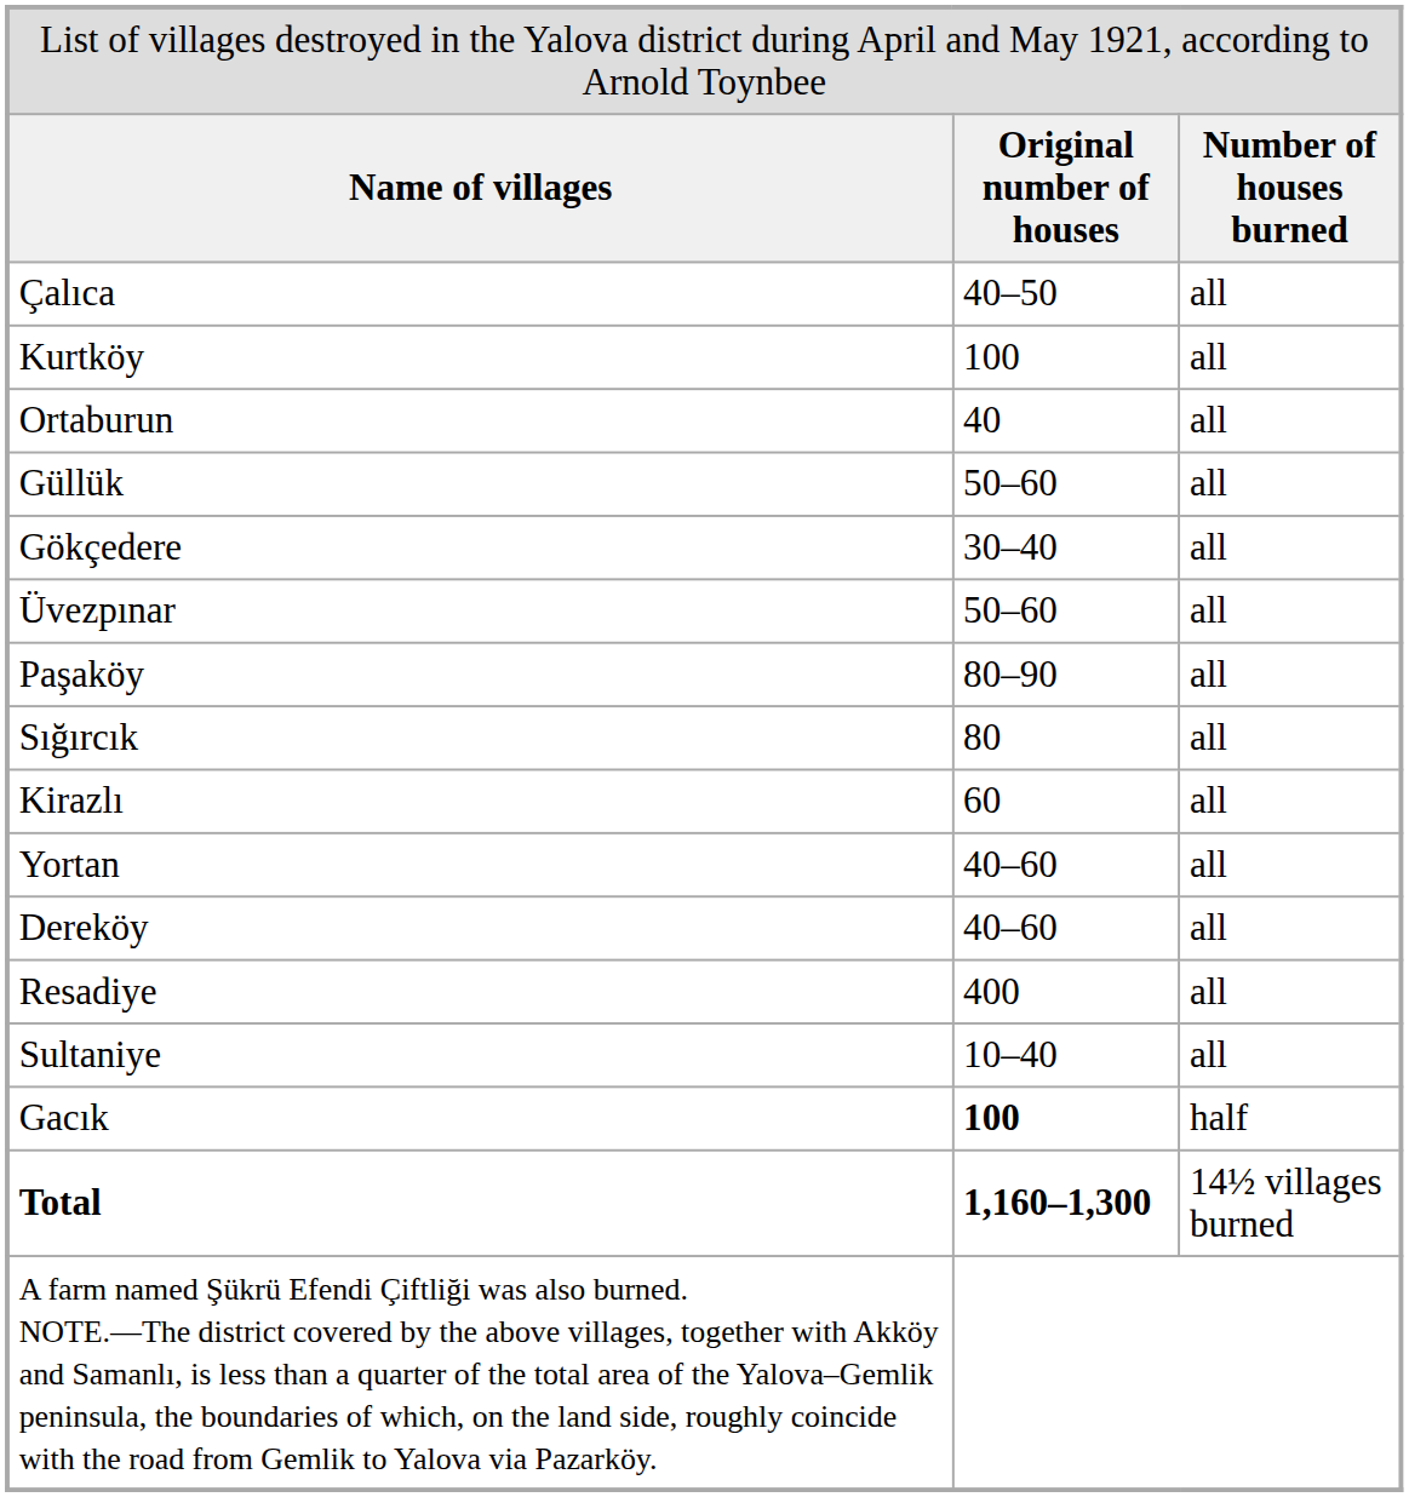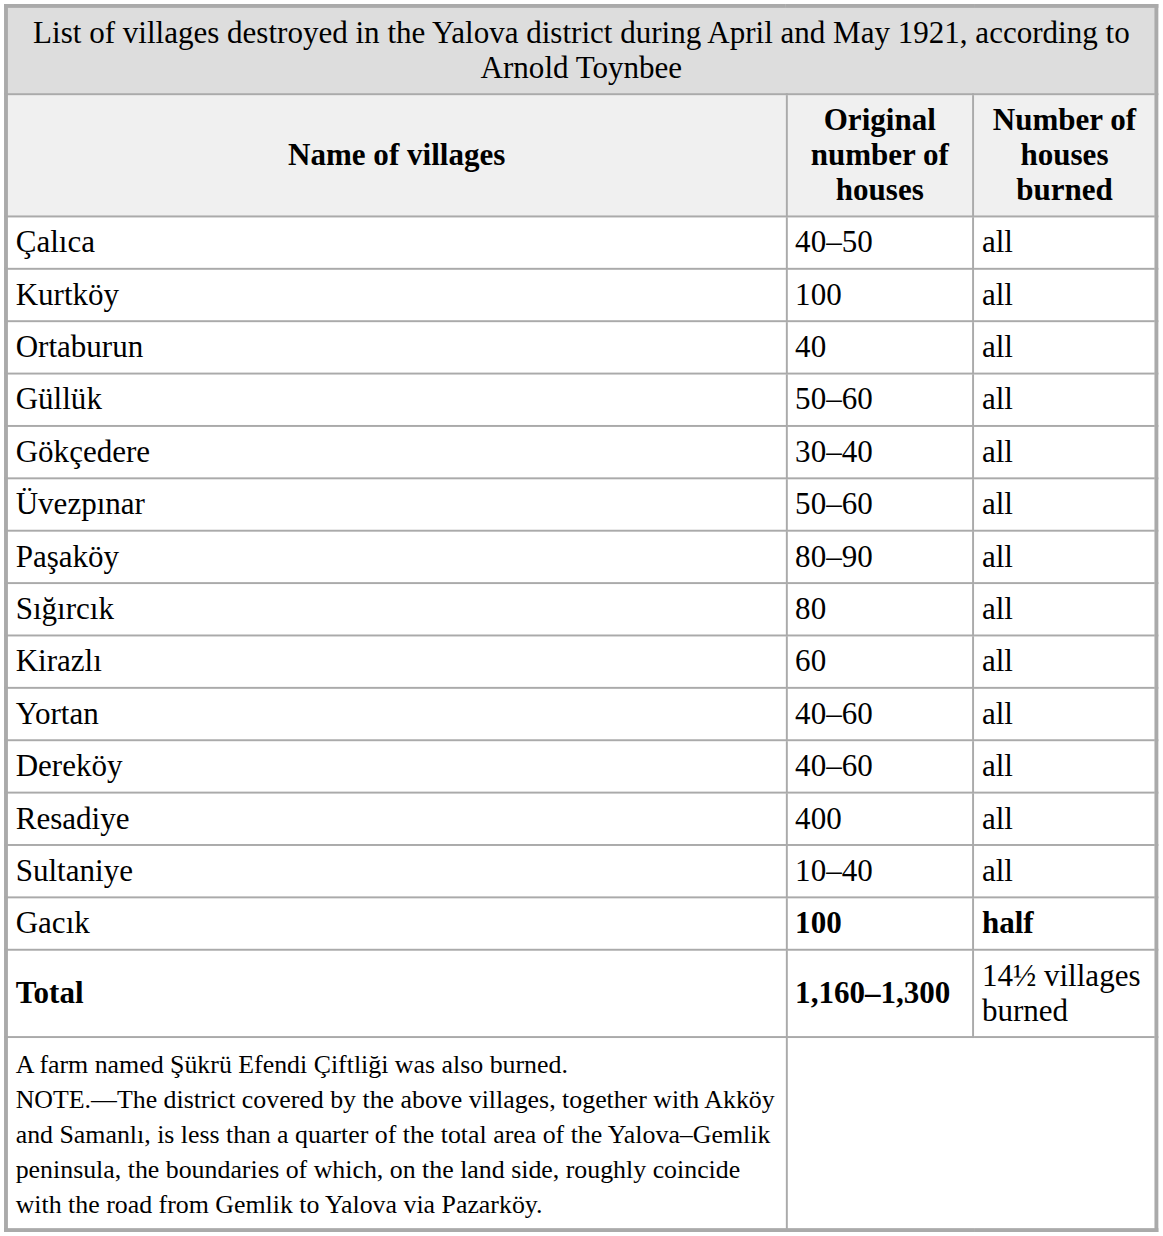 <table cellpadding="4" cellspacing="0" rules="all" style="margin:auto; width:30%; margin:1em; background:#fff; border:2px solid #aaa; font-size:100%;">
 <tr style="background:#ddd;">
 <td colspan="8" style="text-align:center;">List of villages destroyed in the Yalova district during April and May 1921, according to Arnold Toynbee</td>
 </tr>
 <tr style="background:#f0f0f0; text-align:center;">
 <th>Name of villages</th>
 <th style="text-align:center;">Original number of houses</th>
 <th>Number of houses burned</th>
 </tr>
 <tr>
 <td>Çalıca</td>
 <td>40–50</td>
 <td>all</td>
 </tr>
 <tr>
 <td>Kurtköy</td>
 <td>100</td>
 <td>all</td>
 </tr>
 <tr>
 <td>Ortaburun</td>
 <td>40</td>
 <td>all</td>
 </tr>
 <tr>
 <td>Güllük</td>
 <td>50–60</td>
 <td>all</td>
 </tr>
 <tr>
 <td>Gökçedere</td>
 <td>30–40</td>
 <td>all</td>
 </tr>
 <tr>
 <td>Üvezpınar</td>
 <td>50–60</td>
 <td>all</td>
 </tr>
 <tr>
 <td>Paşaköy</td>
 <td>80–90</td>
 <td>all</td>
 </tr>
 <tr>
 <td>Sığırcık</td>
 <td>80</td>
 <td>all</td>
 </tr>
 <tr>
 <td>Kirazlı</td>
 <td>60</td>
 <td>all</td>
 </tr>
 <tr>
 <td>Yortan</td>
 <td>40–60</td>
 <td>all</td>
 </tr>
 <tr>
 <td>Dereköy</td>
 <td>40–60</td>
 <td>all</td>
 </tr>
 <tr>
 <td>Resadiye</td>
 <td>400</td>
 <td>all</td>
 </tr>
 <tr>
 <td>Sultaniye</td>
 <td>10–40</td>
 <td>all</td>
 </tr>
 <tr>
 <td>Gacık</td>
 <td><strong>100</strong></td>
-<td>half</td>
+<td><strong>half</strong></td>
 </tr>
 <tr>
 <td><strong>Total</strong></td>
 <td><strong>1,160–1,300</strong></td>
 <td>14½ villages burned</td>
 </tr>
 <tr>
 <td><small>A farm named Şükrü Efendi Çiftliği was also burned.</small><br><small>NOTE.—The district covered by the above villages, together with Akköy and Samanlı, is less than a quarter of the total area of the Yalova–Gemlik peninsula, the boundaries of which, on the land side, roughly coincide with the road from Gemlik to Yalova via Pazarköy.</small></td>
 </tr>
 </table>
